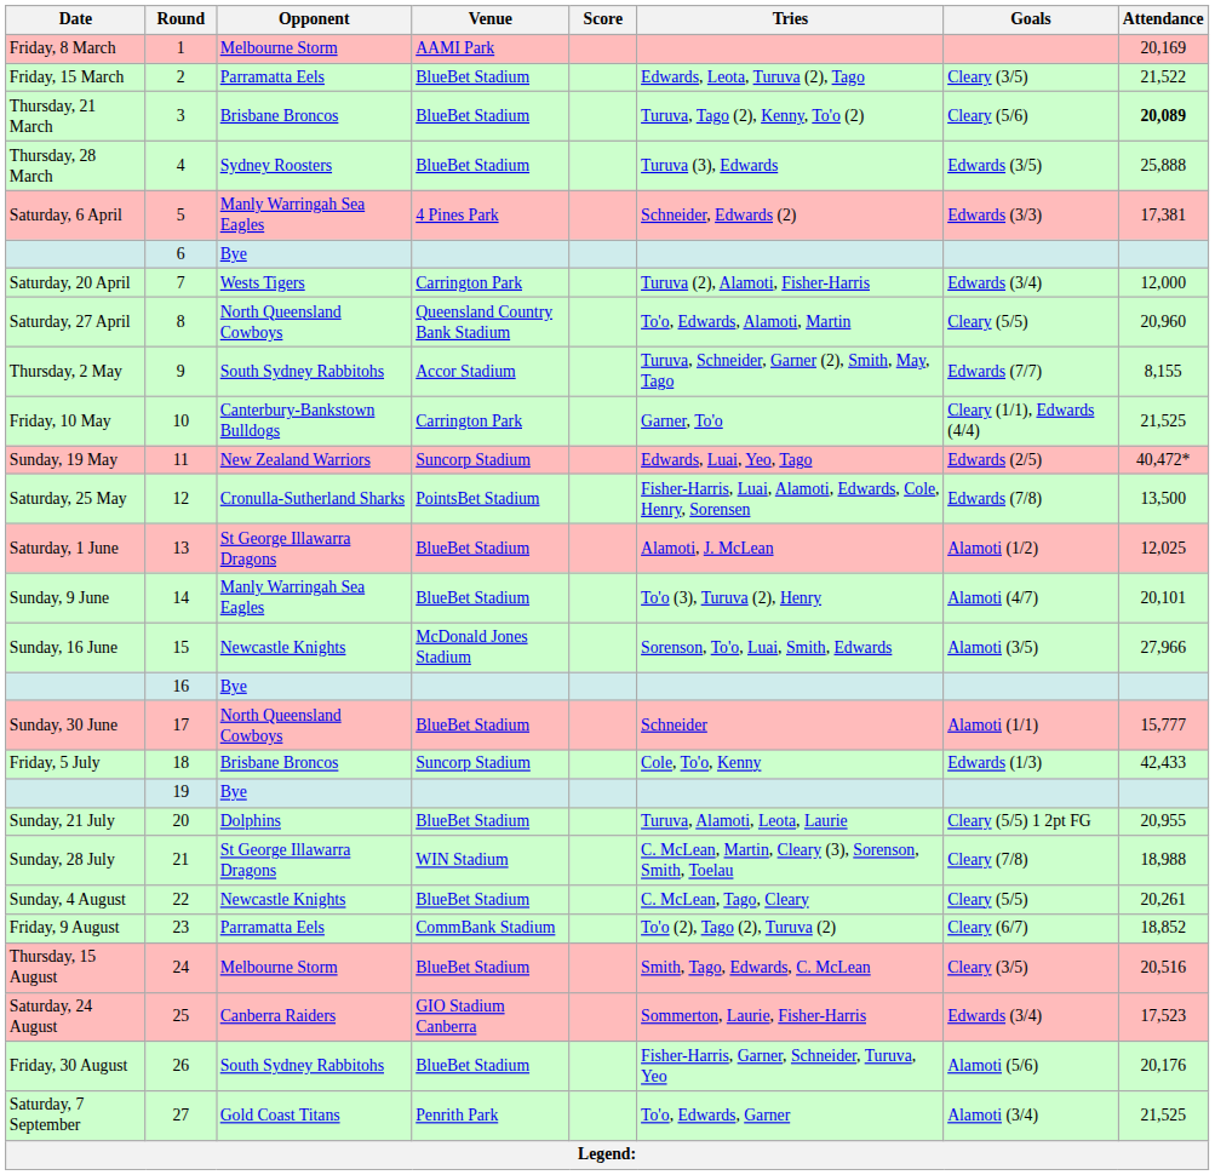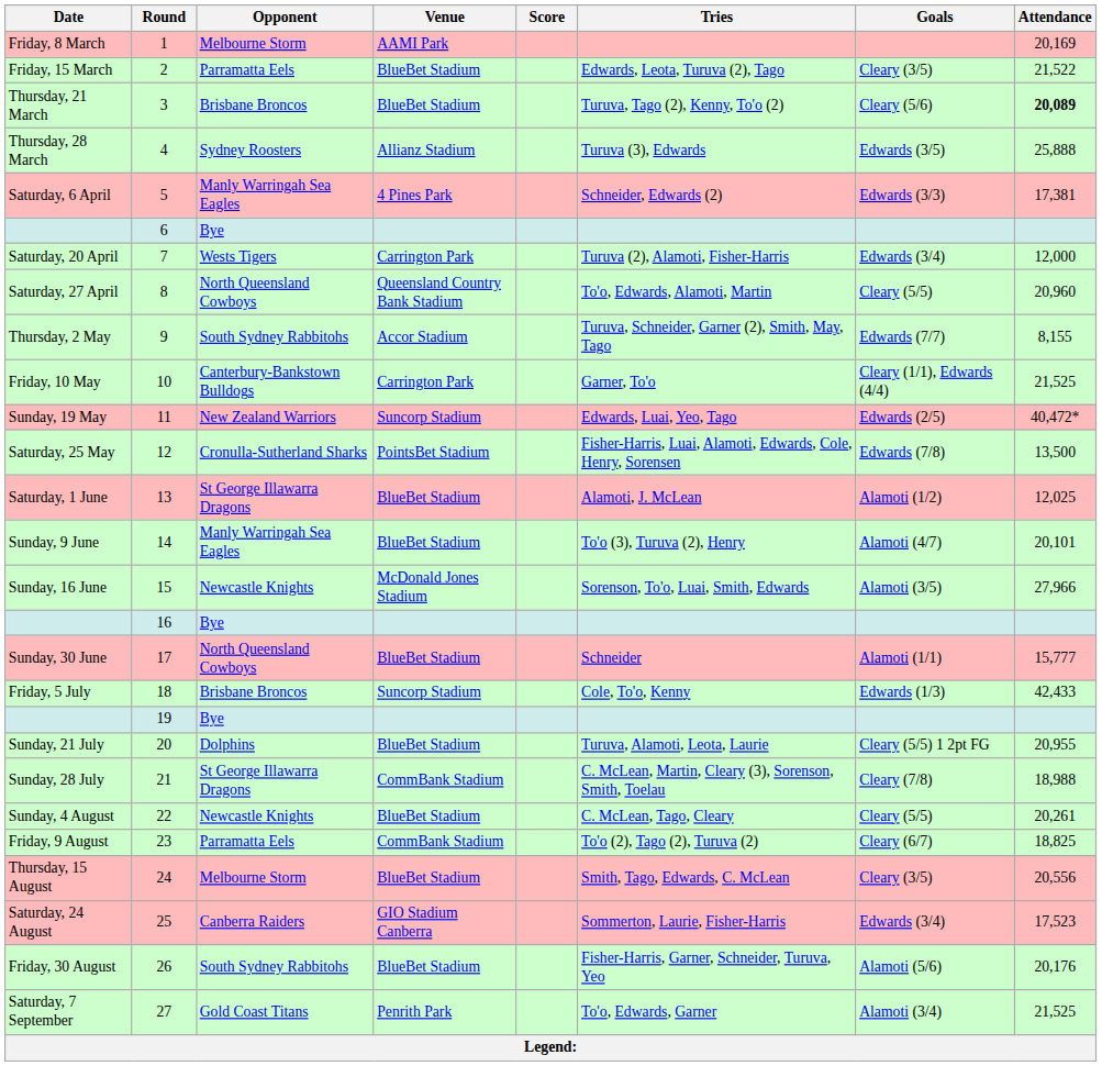 <table class="wikitable" style="font-size:75%;">
 <tr>
 <th style="width:115px;">Date</th>
 <th style="width:50px;">Round</th>
 <th style="width:170px;">Opponent</th>
 <th style="width:130px;">Venue</th>
 <th style="width:50px;">Score</th>
 <th style="width:285px;">Tries</th>
 <th style="width:155px;">Goals</th>
 <th style="width:60px;">Attendance</th>
 </tr>
 <tr style="background:#FFBBBB">
 <td>Friday, 8 March</td>
 <td style="text-align:center;">1</td>
 <td> <a href='#'>Melbourne Storm</a></td>
 <td><a href='#'>AAMI Park</a></td>
 <td style="text-align:center;"></td>
 <td></td>
 <td></td>
 <td style="text-align:center;">20,169</td>
 </tr>
 <tr style="background:#CCFFCC">
 <td>Friday, 15 March</td>
 <td style="text-align:center;">2</td>
 <td> <a href='#'>Parramatta Eels</a></td>
 <td><a href='#'>BlueBet Stadium</a></td>
 <td style="text-align:center;"></td>
 <td><a href='#'>Edwards</a>, <a href='#'>Leota</a>, <a href='#'>Turuva</a> (2), <a href='#'>Tago</a></td>
 <td><a href='#'>Cleary</a> (3/5)</td>
 <td style="text-align:center;">21,522</td>
 </tr>
 <tr style="background:#CCFFCC">
 <td>Thursday, 21 March</td>
 <td style="text-align:center;">3</td>
 <td> <a href='#'>Brisbane Broncos</a></td>
 <td><a href='#'>BlueBet Stadium</a></td>
 <td style="text-align:center;"></td>
 <td><a href='#'>Turuva</a>, <a href='#'>Tago</a> (2), <a href='#'>Kenny</a>, <a href='#'>To'o</a> (2)</td>
 <td><a href='#'>Cleary</a> (5/6)</td>
 <td style="text-align:center;"><strong>20,089</strong></td>
 </tr>
 <tr style="background:#CCFFCC">
 <td>Thursday, 28 March</td>
 <td style="text-align:center;">4</td>
 <td> <a href='#'>Sydney Roosters</a></td>
-<td><a href='#'>BlueBet Stadium</a></td>
+<td><a href='#'>Allianz Stadium</a></td>
 <td style="text-align:center;"></td>
 <td><a href='#'>Turuva</a> (3), <a href='#'>Edwards</a></td>
 <td><a href='#'>Edwards</a> (3/5)</td>
 <td style="text-align:center;">25,888</td>
 </tr>
 <tr style="background:#FFBBBB">
 <td>Saturday, 6 April</td>
 <td style="text-align:center;">5</td>
 <td> <a href='#'>Manly Warringah Sea Eagles</a></td>
 <td><a href='#'>4 Pines Park</a></td>
 <td style="text-align:center;"></td>
 <td><a href='#'>Schneider</a>, <a href='#'>Edwards</a> (2)</td>
 <td><a href='#'>Edwards</a> (3/3)</td>
 <td style="text-align:center;">17,381</td>
 </tr>
 <tr bgcolor= #CFECEC>
 <td></td>
 <td style="text-align:center;">6</td>
 <td><a href='#'>Bye</a></td>
 <td></td>
 <td></td>
 <td></td>
 <td></td>
 <td></td>
 </tr>
 <tr style="background:#CCFFCC">
 <td>Saturday, 20 April</td>
 <td style="text-align:center;">7</td>
 <td> <a href='#'>Wests Tigers</a></td>
 <td><a href='#'>Carrington Park</a></td>
 <td style="text-align:center;"></td>
 <td><a href='#'>Turuva</a> (2), <a href='#'>Alamoti</a>, <a href='#'>Fisher-Harris</a></td>
 <td><a href='#'>Edwards</a> (3/4)</td>
 <td style="text-align:center;">12,000</td>
 </tr>
 <tr style="background:#CCFFCC">
 <td>Saturday, 27 April</td>
 <td style="text-align:center;">8</td>
 <td> <a href='#'>North Queensland Cowboys</a></td>
 <td><a href='#'>Queensland Country Bank Stadium</a></td>
 <td style="text-align:center;"></td>
 <td><a href='#'>To'o</a>, <a href='#'>Edwards</a>, <a href='#'>Alamoti</a>, <a href='#'>Martin</a></td>
 <td><a href='#'>Cleary</a> (5/5)</td>
 <td style="text-align:center;">20,960</td>
 </tr>
 <tr style="background:#CCFFCC">
 <td>Thursday, 2 May</td>
 <td style="text-align:center;">9</td>
 <td> <a href='#'>South Sydney Rabbitohs</a></td>
 <td><a href='#'>Accor Stadium</a></td>
 <td style="text-align:center;"></td>
 <td><a href='#'>Turuva</a>, <a href='#'>Schneider</a>, <a href='#'>Garner</a> (2), <a href='#'>Smith</a>, <a href='#'>May</a>, <a href='#'>Tago</a></td>
 <td><a href='#'>Edwards</a> (7/7)</td>
 <td style="text-align:center;">8,155</td>
 </tr>
 <tr style="background:#CCFFCC">
 <td>Friday, 10 May</td>
 <td style="text-align:center;">10</td>
 <td> <a href='#'>Canterbury-Bankstown Bulldogs</a></td>
 <td><a href='#'>Carrington Park</a></td>
 <td style="text-align:center;"></td>
 <td><a href='#'>Garner</a>, <a href='#'>To'o</a></td>
 <td><a href='#'>Cleary</a> (1/1), <a href='#'>Edwards</a> (4/4)</td>
 <td style="text-align:center;">21,525</td>
 </tr>
 <tr style="background:#FFBBBB">
 <td>Sunday, 19 May</td>
 <td style="text-align:center;">11</td>
 <td> <a href='#'>New Zealand Warriors</a></td>
 <td><a href='#'>Suncorp Stadium</a></td>
 <td style="text-align:center;"></td>
 <td><a href='#'>Edwards</a>, <a href='#'>Luai</a>, <a href='#'>Yeo</a>, <a href='#'>Tago</a></td>
 <td><a href='#'>Edwards</a> (2/5)</td>
 <td style="text-align:center;">40,472*</td>
 </tr>
 <tr style="background:#CCFFCC">
 <td>Saturday, 25 May</td>
 <td style="text-align:center;">12</td>
 <td> <a href='#'>Cronulla-Sutherland Sharks</a></td>
 <td><a href='#'>PointsBet Stadium</a></td>
 <td style="text-align:center;"></td>
 <td><a href='#'>Fisher-Harris</a>, <a href='#'>Luai</a>, <a href='#'>Alamoti</a>, <a href='#'>Edwards</a>, <a href='#'>Cole</a>, <a href='#'>Henry</a>, <a href='#'>Sorensen</a></td>
 <td><a href='#'>Edwards</a> (7/8)</td>
 <td style="text-align:center;">13,500</td>
 </tr>
 <tr style="background:#FFBBBB">
 <td>Saturday, 1 June</td>
 <td style="text-align:center;">13</td>
 <td> <a href='#'>St George Illawarra Dragons</a></td>
 <td><a href='#'>BlueBet Stadium</a></td>
 <td style="text-align:center;"></td>
 <td><a href='#'>Alamoti</a>, <a href='#'>J. McLean</a></td>
 <td><a href='#'>Alamoti</a> (1/2)</td>
 <td style="text-align:center;">12,025</td>
 </tr>
 <tr style="background:#CCFFCC">
 <td>Sunday, 9 June</td>
 <td style="text-align:center;">14</td>
 <td> <a href='#'>Manly Warringah Sea Eagles</a></td>
 <td><a href='#'>BlueBet Stadium</a></td>
 <td style="text-align:center;"></td>
 <td><a href='#'>To'o</a> (3), <a href='#'>Turuva</a> (2), <a href='#'>Henry</a></td>
 <td><a href='#'>Alamoti</a> (4/7)</td>
 <td style="text-align:center;">20,101</td>
 </tr>
 <tr style="background:#CCFFCC">
 <td>Sunday, 16 June</td>
 <td style="text-align:center;">15</td>
 <td> <a href='#'>Newcastle Knights</a></td>
 <td><a href='#'>McDonald Jones Stadium</a></td>
 <td style="text-align:center;"></td>
 <td><a href='#'>Sorenson</a>, <a href='#'>To'o</a>, <a href='#'>Luai</a>, <a href='#'>Smith</a>, <a href='#'>Edwards</a></td>
 <td><a href='#'>Alamoti</a> (3/5)</td>
 <td style="text-align:center;">27,966</td>
 </tr>
 <tr bgcolor= #CFECEC>
 <td></td>
 <td style="text-align:center;">16</td>
 <td><a href='#'>Bye</a></td>
 <td></td>
 <td></td>
 <td></td>
 <td></td>
 <td></td>
 </tr>
 <tr style="background:#FFBBBB">
 <td>Sunday, 30 June</td>
 <td style="text-align:center;">17</td>
 <td> <a href='#'>North Queensland Cowboys</a></td>
 <td><a href='#'>BlueBet Stadium</a></td>
 <td style="text-align:center;"></td>
 <td><a href='#'>Schneider</a></td>
 <td><a href='#'>Alamoti</a> (1/1)</td>
 <td style="text-align:center;">15,777</td>
 </tr>
 <tr style="background:#CCFFCC">
 <td>Friday, 5 July</td>
 <td style="text-align:center;">18</td>
 <td> <a href='#'>Brisbane Broncos</a></td>
 <td><a href='#'>Suncorp Stadium</a></td>
 <td style="text-align:center;"></td>
 <td><a href='#'>Cole</a>, <a href='#'>To'o</a>, <a href='#'>Kenny</a></td>
 <td><a href='#'>Edwards</a> (1/3)</td>
 <td style="text-align:center;">42,433</td>
 </tr>
 <tr bgcolor= #CFECEC>
 <td></td>
 <td style="text-align:center;">19</td>
 <td><a href='#'>Bye</a></td>
 <td></td>
 <td></td>
 <td></td>
 <td></td>
 <td></td>
 </tr>
 <tr style="background:#CCFFCC">
 <td>Sunday, 21 July</td>
 <td style="text-align:center;">20</td>
 <td> <a href='#'>Dolphins</a></td>
 <td><a href='#'>BlueBet Stadium</a></td>
 <td style="text-align:center;"></td>
 <td><a href='#'>Turuva</a>, <a href='#'>Alamoti</a>, <a href='#'>Leota</a>, <a href='#'>Laurie</a></td>
 <td><a href='#'>Cleary</a> (5/5) 1 2pt FG</td>
 <td style="text-align:center;">20,955</td>
 </tr>
 <tr style="background:#CCFFCC">
 <td>Sunday, 28 July</td>
 <td style="text-align:center;">21</td>
 <td> <a href='#'>St George Illawarra Dragons</a></td>
-<td><a href='#'>WIN Stadium</a></td>
+<td><a href='#'>CommBank Stadium</a></td>
 <td style="text-align:center;"></td>
 <td><a href='#'>C. McLean</a>, <a href='#'>Martin</a>, <a href='#'>Cleary</a> (3), <a href='#'>Sorenson</a>, <a href='#'>Smith</a>, <a href='#'>Toelau</a></td>
 <td><a href='#'>Cleary</a> (7/8)</td>
 <td style="text-align:center;">18,988</td>
 </tr>
 <tr style="background:#CCFFCC">
 <td>Sunday, 4 August</td>
 <td style="text-align:center;">22</td>
 <td> <a href='#'>Newcastle Knights</a></td>
 <td><a href='#'>BlueBet Stadium</a></td>
 <td style="text-align:center;"></td>
 <td><a href='#'>C. McLean</a>, <a href='#'>Tago</a>, <a href='#'>Cleary</a></td>
 <td><a href='#'>Cleary</a> (5/5)</td>
 <td style="text-align:center;">20,261</td>
 </tr>
 <tr style="background:#CCFFCC">
 <td>Friday, 9 August</td>
 <td style="text-align:center;">23</td>
 <td> <a href='#'>Parramatta Eels</a></td>
 <td><a href='#'>CommBank Stadium</a></td>
 <td style="text-align:center;"></td>
 <td><a href='#'>To'o</a> (2), <a href='#'>Tago</a> (2), <a href='#'>Turuva</a> (2)</td>
 <td><a href='#'>Cleary</a> (6/7)</td>
-<td style="text-align:center;">18,852</td>
+<td style="text-align:center;">18,825</td>
 </tr>
 <tr style="background:#FFBBBB">
 <td>Thursday, 15 August</td>
 <td style="text-align:center;">24</td>
 <td> <a href='#'>Melbourne Storm</a></td>
 <td><a href='#'>BlueBet Stadium</a></td>
 <td style="text-align:center;"></td>
 <td><a href='#'>Smith</a>, <a href='#'>Tago</a>, <a href='#'>Edwards</a>, <a href='#'>C. McLean</a></td>
 <td><a href='#'>Cleary</a> (3/5)</td>
-<td style="text-align:center;">20,516</td>
+<td style="text-align:center;">20,556</td>
 </tr>
 <tr style="background:#FFBBBB">
 <td>Saturday, 24 August</td>
 <td style="text-align:center;">25</td>
 <td> <a href='#'>Canberra Raiders</a></td>
 <td><a href='#'>GIO Stadium Canberra</a></td>
 <td style="text-align:center;"></td>
 <td><a href='#'>Sommerton</a>, <a href='#'>Laurie</a>, <a href='#'>Fisher-Harris</a></td>
 <td><a href='#'>Edwards</a> (3/4)</td>
 <td style="text-align:center;">17,523</td>
 </tr>
 <tr style="background:#CCFFCC">
 <td>Friday, 30 August</td>
 <td style="text-align:center;">26</td>
 <td> <a href='#'>South Sydney Rabbitohs</a></td>
 <td><a href='#'>BlueBet Stadium</a></td>
 <td style="text-align:center;"></td>
 <td><a href='#'>Fisher-Harris</a>, <a href='#'>Garner</a>, <a href='#'>Schneider</a>, <a href='#'>Turuva</a>, <a href='#'>Yeo</a></td>
 <td><a href='#'>Alamoti</a> (5/6)</td>
 <td style="text-align:center;">20,176</td>
 </tr>
 <tr style="background:#CCFFCC">
 <td>Saturday, 7 September</td>
 <td style="text-align:center;">27</td>
 <td> <a href='#'>Gold Coast Titans</a></td>
 <td><a href='#'>Penrith Park</a></td>
 <td style="text-align:center;"></td>
 <td><a href='#'>To'o</a>, <a href='#'>Edwards</a>, <a href='#'>Garner</a></td>
 <td><a href='#'>Alamoti</a> (3/4)</td>
 <td style="text-align:center;">21,525</td>
 </tr>
 <tr>
 <th colspan="9">Legend:    </th>
 </tr>
 </table>
